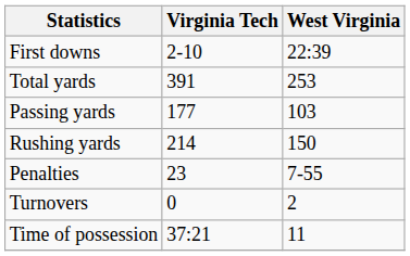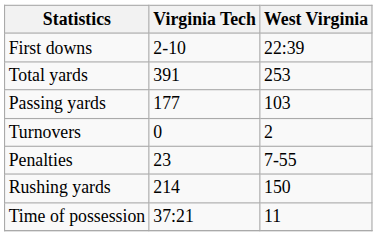 <table class="wikitable" style="float: left;">
 <tr>
 <th>Statistics</th>
 <th>Virginia Tech</th>
 <th>West Virginia</th>
 </tr>
 <tr>
 <td>First downs</td>
 <td>2-10</td>
 <td>22:39</td>
 </tr>
 <tr>
 <td>Total yards</td>
 <td>391</td>
 <td>253</td>
 </tr>
 <tr>
 <td>Passing yards</td>
 <td>177</td>
 <td>103</td>
 </tr>
 <tr>
-<td>Rushing yards</td>
-<td>214</td>
-<td>150</td>
+<td>Turnovers</td>
+<td>0</td>
+<td>2</td>
 </tr>
 <tr>
 <td>Penalties</td>
 <td>23</td>
 <td>7-55</td>
 </tr>
 <tr>
-<td>Turnovers</td>
-<td>0</td>
-<td>2</td>
+<td>Rushing yards</td>
+<td>214</td>
+<td>150</td>
 </tr>
 <tr>
 <td>Time of possession</td>
 <td>37:21</td>
 <td>11</td>
 </tr>
 <tr>
 </tr>
 </table>
